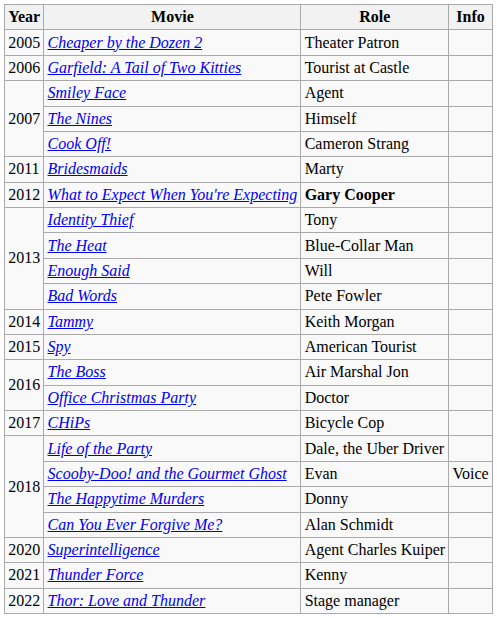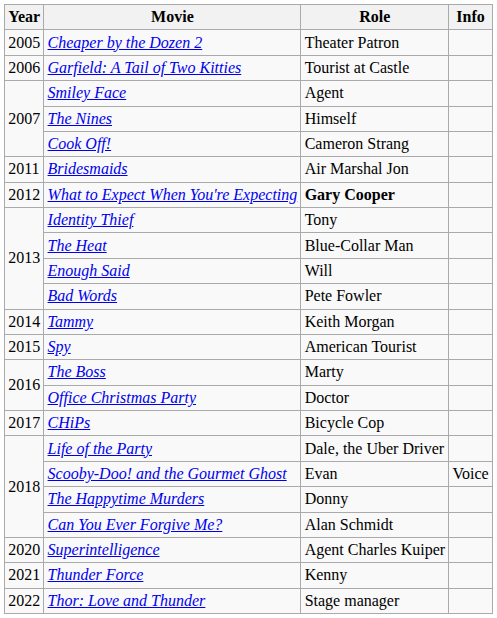 <table class="wikitable sortable">
 <tr>
 <th>Year</th>
 <th>Movie</th>
 <th>Role</th>
 <th>Info</th>
 </tr>
 <tr>
 <td>2005</td>
 <td><em><a href='#'>Cheaper by the Dozen 2</a></em></td>
 <td>Theater Patron</td>
 <td></td>
 </tr>
 <tr>
 <td>2006</td>
 <td><em><a href='#'>Garfield: A Tail of Two Kitties</a></em></td>
 <td>Tourist at Castle</td>
 <td></td>
 </tr>
 <tr>
 <td rowspan="3">2007</td>
 <td><em><a href='#'>Smiley Face</a></em></td>
 <td>Agent</td>
 <td></td>
 </tr>
 <tr>
 <td><em><a href='#'>The Nines</a></em></td>
 <td>Himself</td>
 <td></td>
 </tr>
 <tr>
 <td><em><a href='#'>Cook Off!</a></em></td>
 <td>Cameron Strang</td>
 <td></td>
 </tr>
 <tr>
 <td>2011</td>
 <td><em><a href='#'>Bridesmaids</a></em></td>
-<td>Marty</td>
+<td>Air Marshal Jon</td>
 <td></td>
 </tr>
 <tr>
 <td>2012</td>
 <td><em><a href='#'>What to Expect When You're Expecting</a></em></td>
 <td><strong>Gary Cooper</strong></td>
 <td></td>
 </tr>
 <tr>
 <td rowspan="4">2013</td>
 <td><em><a href='#'>Identity Thief</a></em></td>
 <td>Tony</td>
 <td></td>
 </tr>
 <tr>
 <td><em><a href='#'>The Heat</a></em></td>
 <td>Blue-Collar Man</td>
 <td></td>
 </tr>
 <tr>
 <td><em><a href='#'>Enough Said</a></em></td>
 <td>Will</td>
 <td></td>
 </tr>
 <tr>
 <td><em><a href='#'>Bad Words</a></em></td>
 <td>Pete Fowler</td>
 <td></td>
 </tr>
 <tr>
 <td>2014</td>
 <td><em><a href='#'>Tammy</a></em></td>
 <td>Keith Morgan</td>
 <td></td>
 </tr>
 <tr>
 <td>2015</td>
 <td><em><a href='#'>Spy</a></em></td>
 <td>American Tourist</td>
 <td></td>
 </tr>
 <tr>
 <td rowspan="2">2016</td>
 <td><em><a href='#'>The Boss</a></em></td>
-<td>Air Marshal Jon</td>
+<td>Marty</td>
 <td></td>
 </tr>
 <tr>
 <td><em><a href='#'>Office Christmas Party</a></em></td>
 <td>Doctor</td>
 <td></td>
 </tr>
 <tr>
 <td>2017</td>
 <td><em><a href='#'>CHiPs</a></em></td>
 <td>Bicycle Cop</td>
 <td></td>
 </tr>
 <tr>
 <td rowspan="4">2018</td>
 <td><em><a href='#'>Life of the Party</a></em></td>
 <td>Dale, the Uber Driver</td>
 <td></td>
 </tr>
 <tr>
 <td><em><a href='#'>Scooby-Doo! and the Gourmet Ghost</a></em></td>
 <td>Evan</td>
 <td>Voice</td>
 </tr>
 <tr>
 <td><em><a href='#'>The Happytime Murders</a></em></td>
 <td>Donny</td>
 <td></td>
 </tr>
 <tr>
 <td><em><a href='#'>Can You Ever Forgive Me?</a></em></td>
 <td>Alan Schmidt</td>
 <td></td>
 </tr>
 <tr>
 <td>2020</td>
 <td><em><a href='#'>Superintelligence</a></em></td>
 <td>Agent Charles Kuiper</td>
 <td></td>
 </tr>
 <tr>
 <td>2021</td>
 <td><em><a href='#'>Thunder Force</a></em></td>
 <td>Kenny</td>
 <td></td>
 </tr>
 <tr>
 <td>2022</td>
 <td><em><a href='#'>Thor: Love and Thunder</a></em></td>
 <td>Stage manager</td>
 <td></td>
 </tr>
 </table>
